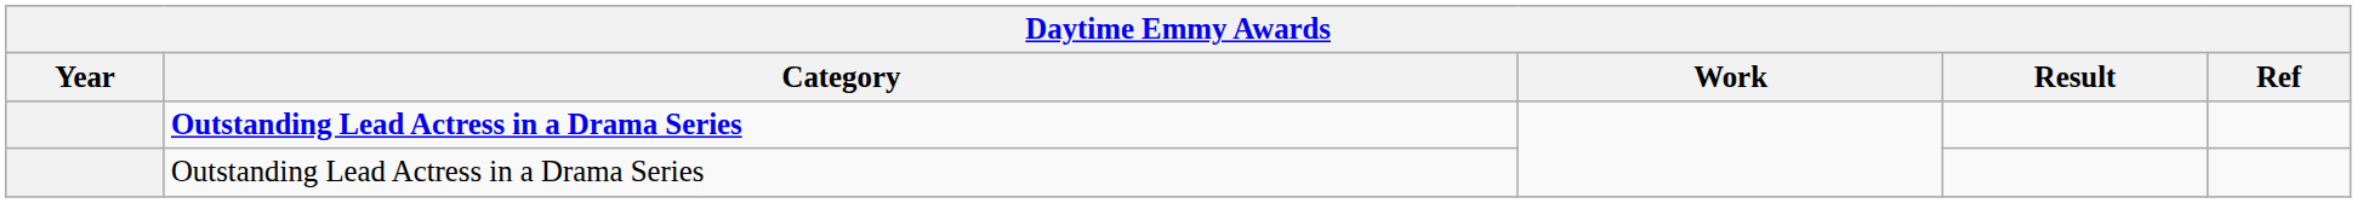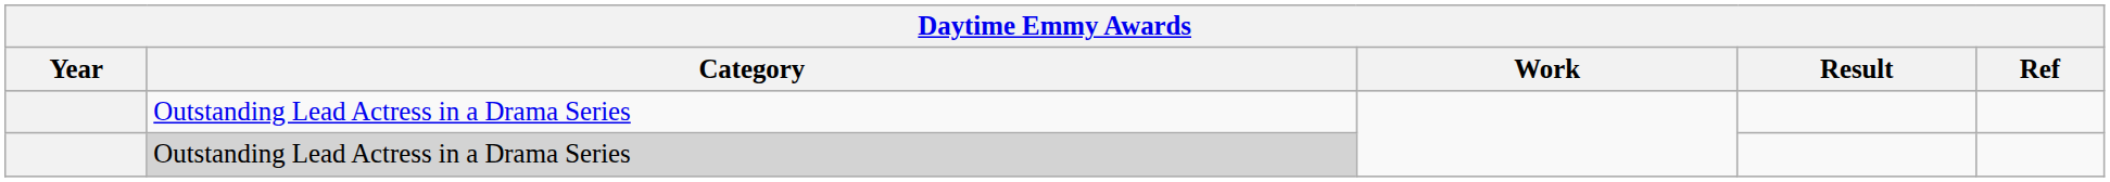 <table class="wikitable sortable plainrowheaders">
 <tr>
 <th colspan="5" style="text-align:center;"><a href='#'>Daytime Emmy Awards</a></th>
 </tr>
 <tr>
 <th scope="col" style="width:0.5%;">Year</th>
 <th scope="col" style="width:7%;">Category</th>
 <th scope="col" style="width:2%;">Work</th>
 <th scope="col" style="width:1%;">Result</th>
 <th scope="col" style="width:0.5%;">Ref</th>
 </tr>
 <tr>
 <th scope="row"></th>
-<td><strong><a href='#'>Outstanding Lead Actress in a Drama Series</a></strong></td>
+<td><a href='#'>Outstanding Lead Actress in a Drama Series</a></td>
 <td rowspan=21 style="text-align:center"></td>
 <td></td>
 <td></td>
 </tr>
 <tr>
 <th scope="row"></th>
-<td>Outstanding Lead Actress in a Drama Series</td>
+<td style="background: lightgrey;">Outstanding Lead Actress in a Drama Series</td>
 <td></td>
 <td></td>
 </tr>
 </table>
